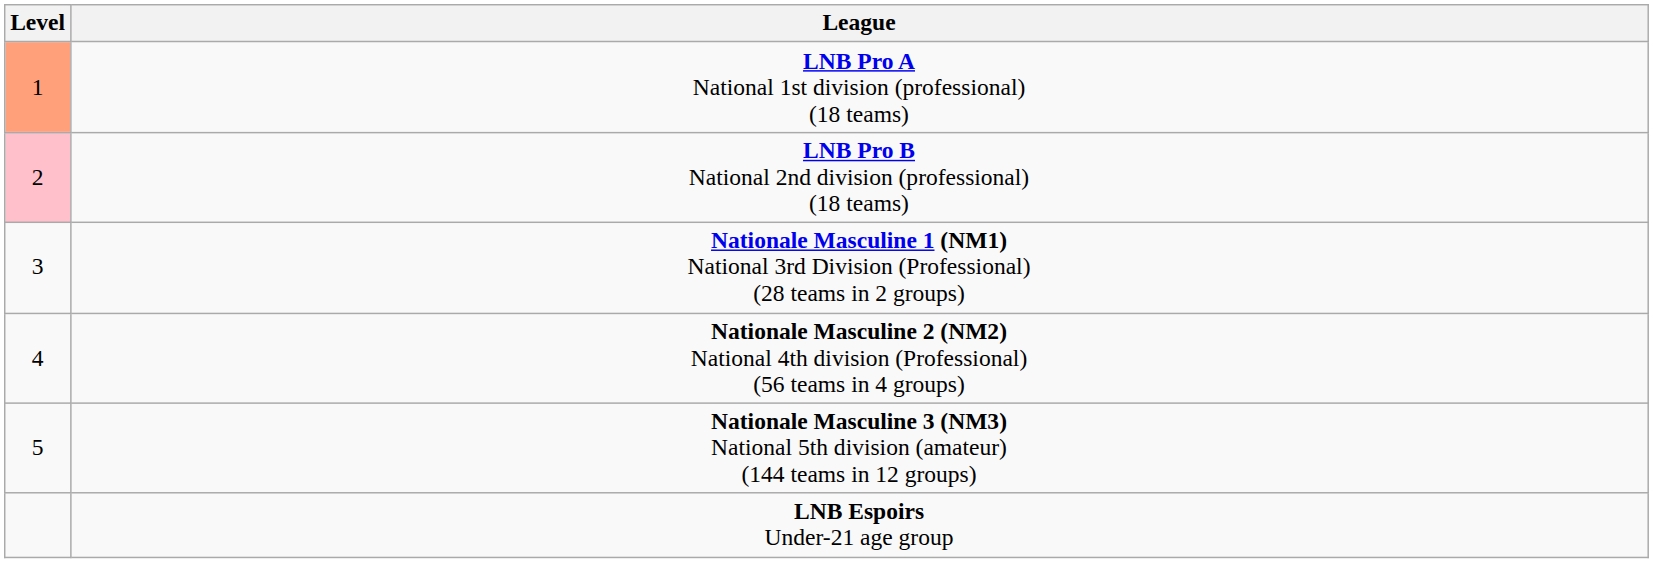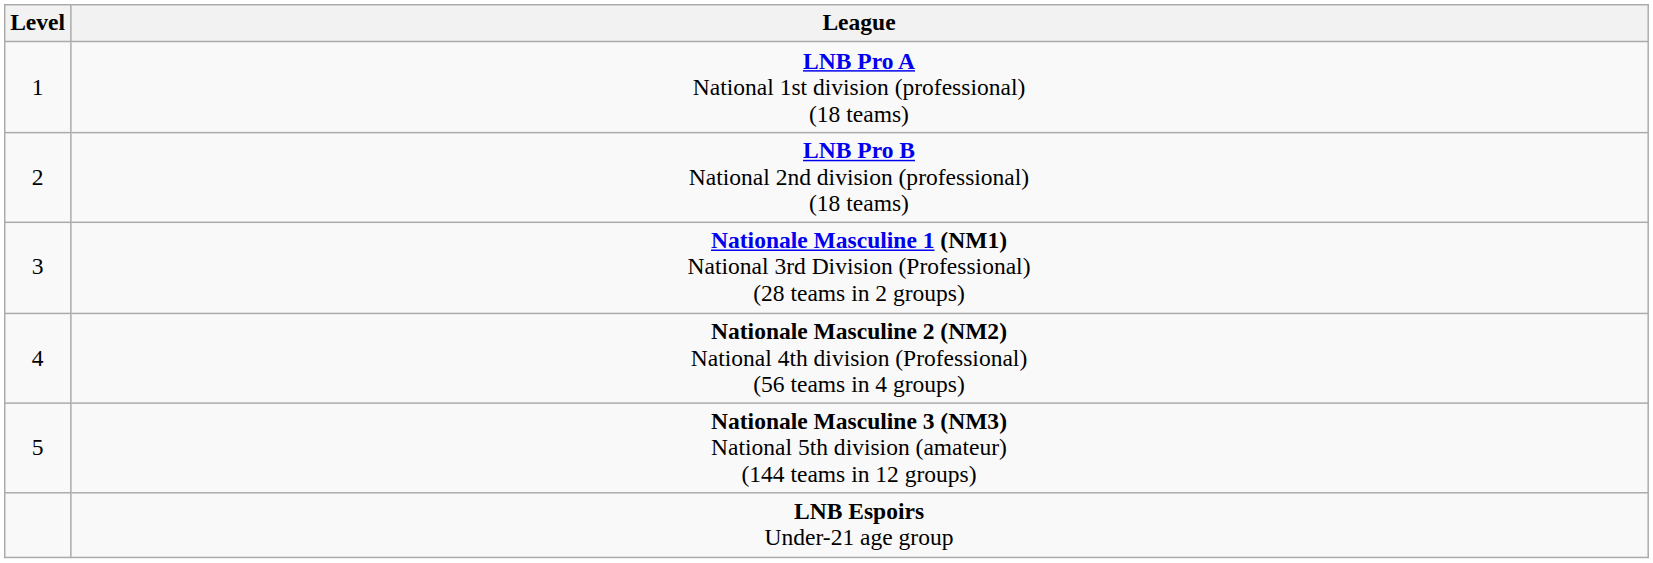 <table class="wikitable" style="text-align: center;">
 <tr south>
 <th colspan="1" width="4%">Level</th>
 <th colspan="5" width="96%">League</th>
 </tr>
 <tr>
-<td colspan="1" width="4%" style="background: lightsalmon;">1</td>
+<td colspan="1" width="4%">1</td>
 <td colspan="5" width="96%"><strong><a href='#'>LNB Pro A</a></strong><br>National 1st division (professional)<br>(18 teams)</td>
 </tr>
 <tr>
-<td colspan="1" width="4%" style="background: pink;">2</td>
+<td colspan="1" width="4%">2</td>
 <td colspan="5" width="96%"><strong><a href='#'>LNB Pro B</a></strong><br>National 2nd division (professional)<br>(18 teams)</td>
 </tr>
 <tr>
 <td colspan="1" width="4%">3</td>
 <td colspan="5" width="96%"><strong><a href='#'>Nationale Masculine 1</a> (NM1)</strong><br>National 3rd Division (Professional)<br>(28 teams in 2 groups)</td>
 </tr>
 <tr>
 <td colspan="1" width="4%">4</td>
 <td colspan="1" width="96%"><strong>Nationale Masculine 2 (NM2)</strong><br>National 4th division (Professional)<br>(56 teams in 4 groups)</td>
 </tr>
 <tr>
 <td colspan="1" width="4%">5</td>
 <td colspan="1" width="96%"><strong>Nationale Masculine 3 (NM3)</strong><br>National 5th division (amateur)<br>(144 teams in 12 groups)</td>
 </tr>
 <tr>
 <td colspan="1" width="4%"></td>
 <td colspan="1" width="96%"><strong>LNB Espoirs</strong><br>Under-21 age group<br></td>
 </tr>
 </table>
